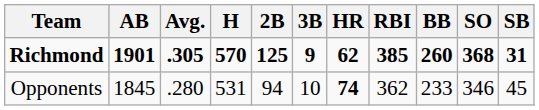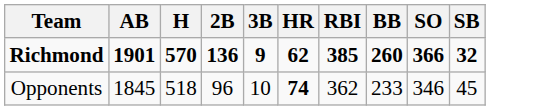 <table class="wikitable sortable">
 <tr>
 <th>Team</th>
 <th>AB</th>
-<th>Avg.</th>
 <th>H</th>
 <th>2B</th>
 <th>3B</th>
 <th>HR</th>
 <th>RBI</th>
 <th>BB</th>
 <th>SO</th>
 <th>SB</th>
 </tr>
 <tr style="text-align:center;">
 <td><strong>Richmond</strong></td>
 <td><strong>1901</strong></td>
-<td><strong>.305</strong></td>
 <td><strong>570</strong></td>
-<td><strong>125</strong></td>
+<td><strong>136</strong></td>
 <td><strong>9</strong></td>
 <td><strong>62</strong></td>
 <td><strong>385</strong></td>
 <td><strong>260</strong></td>
-<td><strong>368</strong></td>
-<td><strong>31</strong></td>
+<td><strong>366</strong></td>
+<td><strong>32</strong></td>
 </tr>
 <tr style="text-align:center;">
 <td>Opponents</td>
 <td>1845</td>
-<td>.280</td>
-<td>531</td>
-<td>94</td>
+<td>518</td>
+<td>96</td>
 <td>10</td>
 <td><strong>74</strong></td>
 <td>362</td>
 <td>233</td>
 <td>346</td>
 <td>45</td>
 </tr>
 </table>
